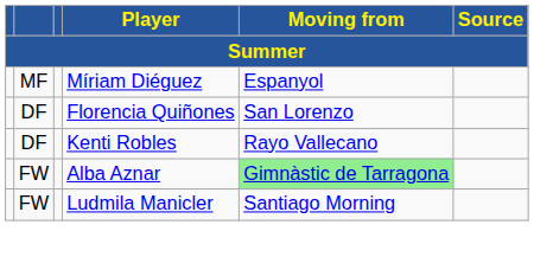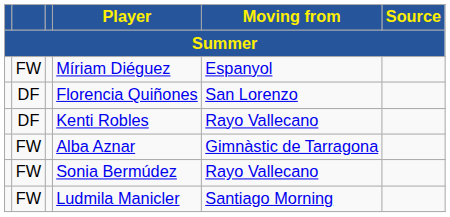 <table class="wikitable plainrowheaders sortable" style="text-align:center">
 <tr>
 <th style="background:#26559B; color:#FFF000; "></th>
 <th style="background:#26559B; color:#FFF000; "></th>
 <th style="background:#26559B; color:#FFF000; "></th>
 <th style="background:#26559B; color:#FFF000; ">Player</th>
 <th style="background:#26559B; color:#FFF000; ">Moving from</th>
 <th style="background:#26559B; color:#FFF000; ">Source</th>
 </tr>
 <tr>
 <th colspan="6" style="background:#26559B; color:#FFF000; ">Summer</th>
 </tr>
 <tr>
 <td></td>
-<td>MF</td>
+<td>FW</td>
 <td></td>
 <td align="left"><a href='#'>Míriam Diéguez</a></td>
 <td align="left"><a href='#'>Espanyol</a></td>
 <td></td>
 </tr>
 <tr>
 <td></td>
 <td>DF</td>
 <td></td>
 <td align="left"><a href='#'>Florencia Quiñones</a></td>
 <td align="left"> <a href='#'>San Lorenzo</a></td>
 <td></td>
 </tr>
 <tr>
 <td></td>
 <td>DF</td>
 <td></td>
 <td align="left"><a href='#'>Kenti Robles</a></td>
 <td align="left"><a href='#'>Rayo Vallecano</a></td>
 <td></td>
 </tr>
 <tr>
 <td></td>
 <td>FW</td>
 <td></td>
 <td align="left"><a href='#'>Alba Aznar</a></td>
-<td align="left" style="background: lightgreen;"><a href='#'>Gimnàstic de Tarragona</a></td>
+<td align="left"><a href='#'>Gimnàstic de Tarragona</a></td>
+<td></td>
+</tr>
+<tr>
+<td></td>
+<td>FW</td>
+<td></td>
+<td align="left"><a href='#'>Sonia Bermúdez</a></td>
+<td align="left"><a href='#'>Rayo Vallecano</a></td>
 <td></td>
 </tr>
 <tr>
 <td></td>
 <td>FW</td>
 <td></td>
 <td align="left"><a href='#'>Ludmila Manicler</a></td>
 <td align="left"> <a href='#'>Santiago Morning</a></td>
 <td></td>
 </tr>
 </table>
